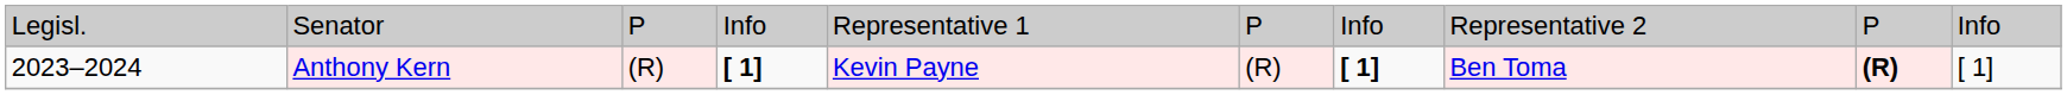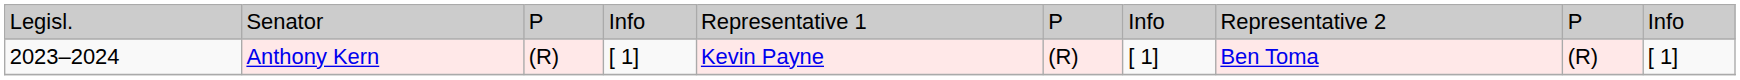 <table class=wikitable width="100%" border="1">
 <tr style="background-color:#cccccc;">
 <td>Legisl.</td>
 <td>Senator</td>
 <td>P</td>
 <td>Info</td>
 <td>Representative 1</td>
 <td>P</td>
 <td>Info</td>
 <td>Representative 2</td>
 <td>P</td>
 <td>Info</td>
 </tr>
 <tr>
 <td>2023–2024</td>
 <td style="background:#FFE8E8"><a href='#'>Anthony Kern</a></td>
 <td style="background:#FFE8E8">(R)</td>
-<td><strong>[ 1]</strong></td>
+<td>[ 1]</td>
 <td style="background:#FFE8E8"><a href='#'>Kevin Payne</a></td>
 <td style="background:#FFE8E8">(R)</td>
-<td><strong>[ 1]</strong></td>
+<td>[ 1]</td>
 <td style="background:#FFE8E8"><a href='#'>Ben Toma</a></td>
-<td style="background:#FFE8E8"><strong>(R)</strong></td>
+<td style="background:#FFE8E8">(R)</td>
 <td>[ 1]</td>
 </tr>
 <tr>
 </tr>
 </table>
